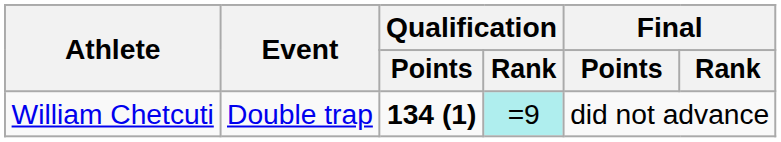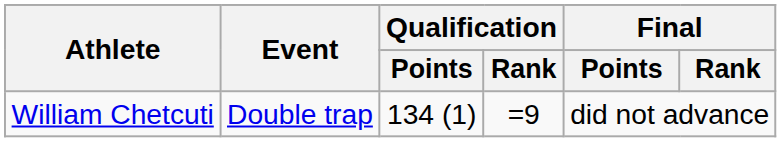 <table class="wikitable" style="font-size:90%">
 <tr>
 <th rowspan="2">Athlete</th>
 <th rowspan="2">Event</th>
 <th colspan=2>Qualification</th>
 <th colspan=2>Final</th>
 </tr>
 <tr style="font-size:95%">
 <th>Points</th>
 <th>Rank</th>
 <th>Points</th>
 <th>Rank</th>
 </tr>
 <tr align=center>
 <td align=left><a href='#'>William Chetcuti</a></td>
 <td align=left><a href='#'>Double trap</a></td>
-<td><strong>134 (1)</strong></td>
-<td style="background: paleturquoise;">=9</td>
+<td>134 (1)</td>
+<td>=9</td>
 <td colspan=2>did not advance</td>
 </tr>
 </table>
